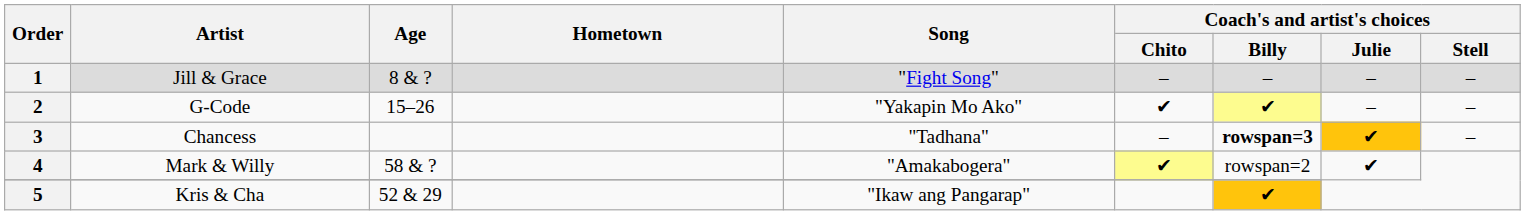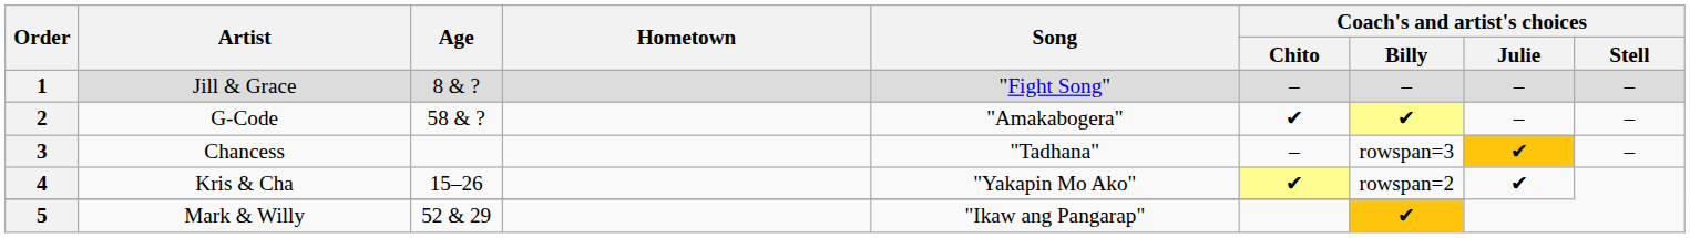 <table class="wikitable" style="text-align:center; line-height:17px; width:100%">
 <tr>
 <th scope=col rowspan=2 style="width:4%">Order</th>
 <th scope=col rowspan=2 style="width:18%">Artist</th>
 <th scope=col rowspan=2 style="width:5%">Age</th>
 <th scope=col rowspan=2 style="width:20%">Hometown</th>
 <th scope=col rowspan=2 style="width:20%">Song</th>
 <th scope=col colspan=4 style="width:24%">Coach's and artist's choices</th>
 </tr>
 <tr>
 <th style="width:6%">Chito</th>
 <th style="width:6%">Billy</th>
 <th style="width:6%">Julie</th>
 <th style="width:6%">Stell</th>
 </tr>
 <tr style="background:#dcdcdc">
 <th>1</th>
 <td>Jill & Grace</td>
 <td>8 & ?</td>
 <td></td>
 <td>"<a href='#'>Fight Song</a>"</td>
 <td>–</td>
 <td>–</td>
 <td>–</td>
 <td>–</td>
 </tr>
 <tr>
 <th>2</th>
 <td>G-Code</td>
-<td>15–26</td>
+<td>58 & ?</td>
 <td></td>
-<td>"Yakapin Mo Ako"</td>
+<td>"Amakabogera"</td>
 <td>✔</td>
 <td style="background:#fdfc8f">✔</td>
 <td>–</td>
 <td>–</td>
 </tr>
 <tr>
 <th>3</th>
 <td>Chancess</td>
 <td></td>
 <td></td>
 <td>"Tadhana"</td>
 <td>–</td>
-<td><strong>rowspan=3 </strong></td>
+<td>rowspan=3 </td>
 <td style="background:#ffc40c">✔</td>
 <td>–</td>
 </tr>
 <tr>
 <th>4</th>
-<td>Mark & Willy</td>
-<td>58 & ?</td>
+<td>Kris & Cha</td>
+<td>15–26</td>
 <td></td>
-<td>"Amakabogera"</td>
+<td>"Yakapin Mo Ako"</td>
 <td style="background:#fdfc8f">✔</td>
 <td>rowspan=2 </td>
 <td>✔</td>
 </tr>
 <tr>
 </tr>
 <tr>
 <th>5</th>
-<td>Kris & Cha</td>
+<td>Mark & Willy</td>
 <td>52 & 29</td>
 <td></td>
 <td>"Ikaw ang Pangarap"</td>
 <td></td>
 <td style="background:#ffc40c">✔</td>
 </tr>
 </table>
